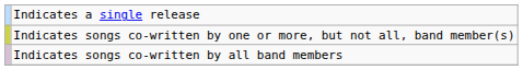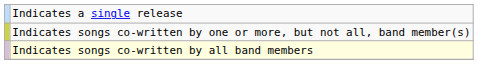 <table class="wikitable" style="font-size:90%;">
 <tr>
 <td style="background-color:#bbddff;text-align:center"> </td>
 <td>Indicates a <a href='#'>single</a> release</td>
 </tr>
 <tr>
 <td style="background-color:#ced343"></td>
 <td>Indicates songs co-written by one or more, but not all, band member(s)</td>
 </tr>
 <tr>
 <td style="background-color:#D8BFD8"></td>
-<td>Indicates songs co-written by all band members</td>
+<td style="background: lightyellow;">Indicates songs co-written by all band members</td>
 </tr>
 <tr>
 </tr>
 </table>
